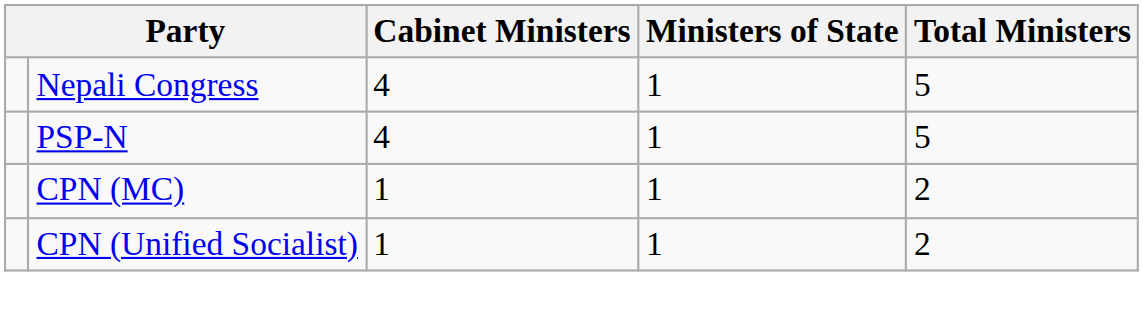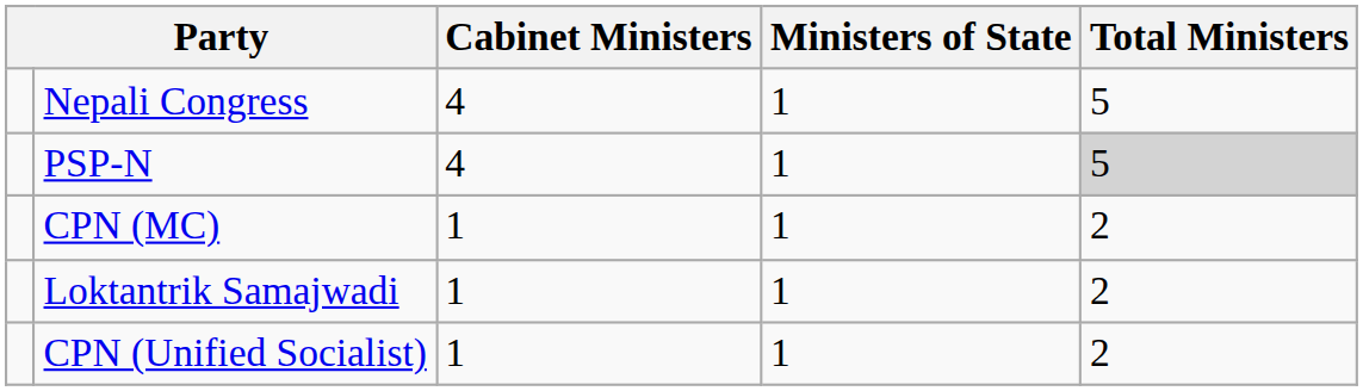 <table class="wikitable">
 <tr>
 <th colspan="2">Party</th>
 <th>Cabinet Ministers</th>
 <th>Ministers of State</th>
 <th>Total Ministers</th>
 </tr>
 <tr>
 <td width="4px"></td>
 <td><a href='#'>Nepali Congress</a></td>
 <td>4</td>
 <td>1</td>
 <td>5</td>
 </tr>
 <tr>
 <td width="4px"></td>
 <td><a href='#'>PSP-N</a></td>
 <td>4</td>
 <td>1</td>
-<td>5</td>
+<td style="background: lightgrey;">5</td>
 </tr>
 <tr>
 <td width="4px"></td>
 <td><a href='#'>CPN (MC)</a></td>
+<td>1</td>
+<td>1</td>
+<td>2</td>
+</tr>
+<tr>
+<td width="4px"></td>
+<td><a href='#'>Loktantrik Samajwadi</a></td>
 <td>1</td>
 <td>1</td>
 <td>2</td>
 </tr>
 <tr>
 <td width="4px"></td>
 <td><a href='#'>CPN (Unified Socialist)</a></td>
 <td>1</td>
 <td>1</td>
 <td>2</td>
 </tr>
 </table>
